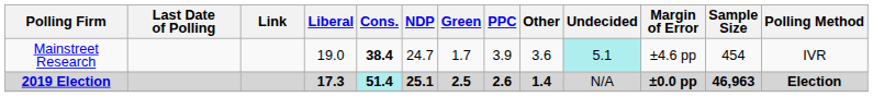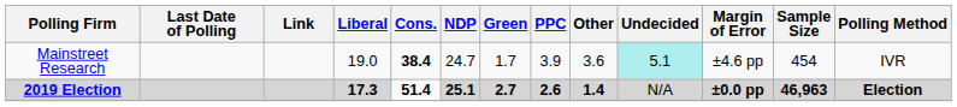 <table class="wikitable sortable" style="text-align:center;font-size:90%;line-height:14px;">
 <tr style="background:#e9e9e9;">
 <th style="width:120px">Polling Firm</th>
 <th style="width:110px">Last Date<br>of Polling</th>
 <th style="width:60px" class="unsortable">Link</th>
 <th style="background-color:"><a href='#'>Liberal</a></th>
 <th style="background-color:"><a href='#'>Cons.</a></th>
 <th style="background-color:"><a href='#'>NDP</a></th>
 <th style="background-color:"><a href='#'>Green</a></th>
 <th style="background-color:"><a href='#'><span>PPC</span></a></th>
 <th style="background-color:">Other</th>
 <th style="background-color:">Undecided</th>
 <th style="width:60px;" class=unsortable>Margin<br>of Error</th>
 <th style="width:50px;" class=unsortable>Sample<br>Size</th>
 <th class=unsortable>Polling Method</th>
 </tr>
 <tr>
 <td><a href='#'>Mainstreet Research</a></td>
 <td></td>
 <td></td>
 <td>19.0</td>
 <td><strong>38.4</strong></td>
 <td>24.7</td>
 <td>1.7</td>
 <td>3.9</td>
 <td>3.6</td>
 <td style="background: paleturquoise;">5.1</td>
 <td>±4.6 pp</td>
 <td>454</td>
 <td>IVR</td>
 </tr>
 <tr>
 <td style="background:#D5D5D5"><strong><a href='#'>2019 Election</a></strong></td>
 <td style="background:#D5D5D5"><strong></strong></td>
 <td style="background:#D5D5D5"></td>
 <td style="background:#D5D5D5"><strong>17.3</strong></td>
-<td style="background: paleturquoise;"><strong>51.4</strong></td>
+<td><strong>51.4</strong></td>
 <td style="background:#D5D5D5"><strong>25.1</strong></td>
-<td style="background:#D5D5D5"><strong>2.5</strong></td>
+<td style="background:#D5D5D5"><strong>2.7</strong></td>
 <td style="background:#D5D5D5"><strong>2.6</strong></td>
 <td style="background:#D5D5D5"><strong>1.4</strong></td>
 <td style="background:#D5D5D5">N/A</td>
 <td style="background:#D5D5D5"><strong>±0.0 pp</strong></td>
 <td style="background:#D5D5D5"><strong>46,963</strong></td>
 <td style="background:#D5D5D5"><strong>Election</strong></td>
 </tr>
 <tr>
 </tr>
 </table>
